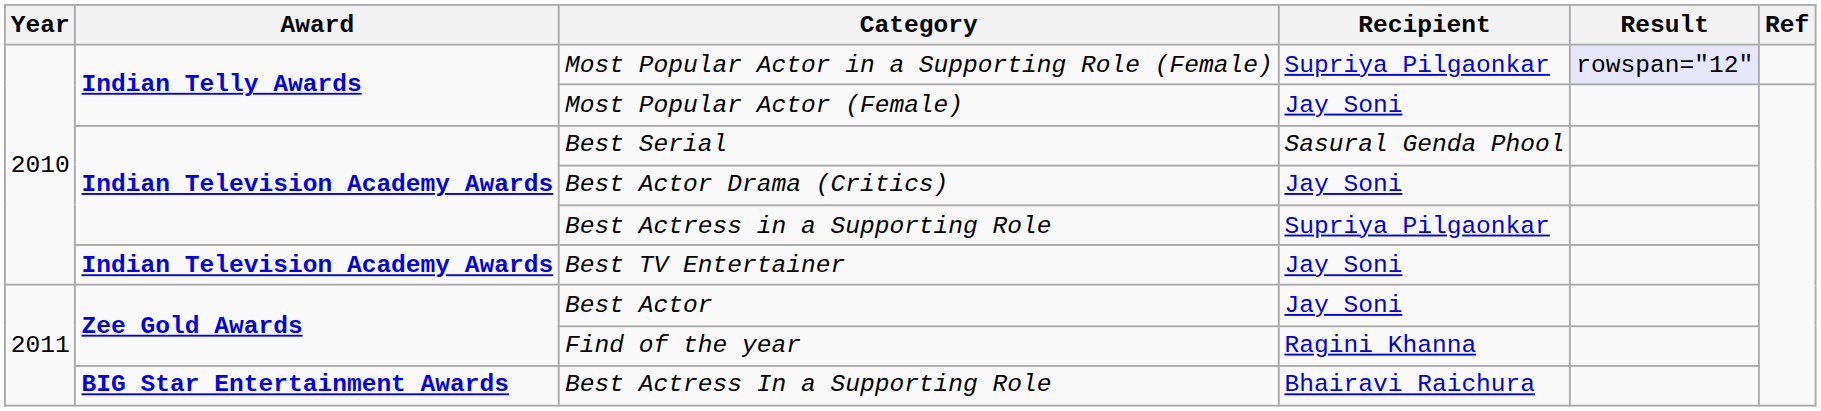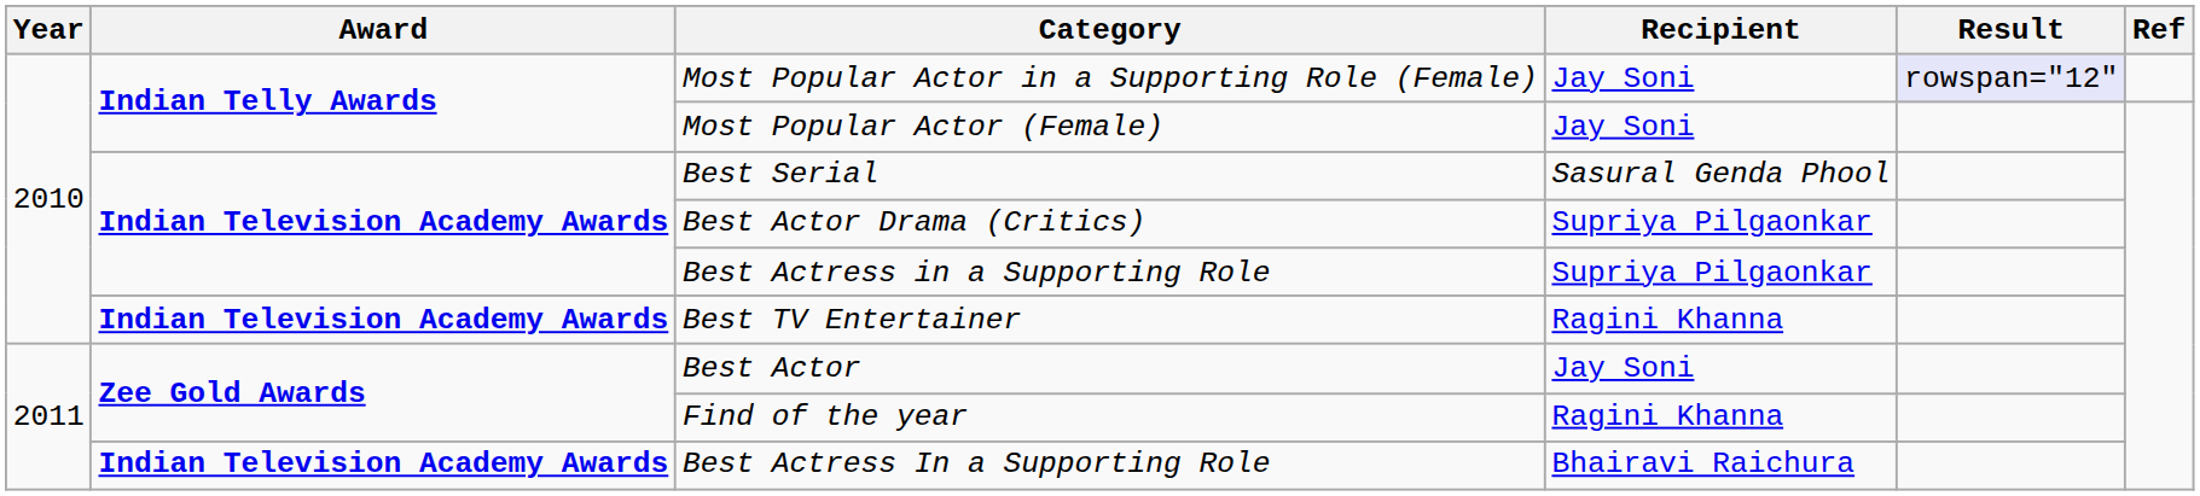 <table class="wikitable">
 <tr>
 <th>Year</th>
 <th>Award</th>
 <th>Category</th>
 <th>Recipient</th>
 <th>Result</th>
 <th>Ref</th>
 </tr>
 <tr>
 <td rowspan="6">2010</td>
 <td rowspan="2"><strong><a href='#'>Indian Telly Awards</a></strong></td>
 <td><em>Most Popular Actor in a Supporting Role (Female)</em></td>
-<td><a href='#'>Supriya Pilgaonkar</a></td>
+<td><a href='#'>Jay Soni</a></td>
 <td style="background: lavender;">rowspan="12" </td>
 <td></td>
 </tr>
 <tr>
 <td><em>Most Popular Actor (Female)</em></td>
 <td><a href='#'>Jay Soni</a></td>
 <td></td>
 </tr>
 <tr>
 <td rowspan="3"><strong><a href='#'>Indian Television Academy Awards</a></strong></td>
 <td><em>Best Serial</em></td>
 <td><em>Sasural Genda Phool</em></td>
 <td></td>
 </tr>
 <tr>
 <td><em>Best Actor Drama (Critics)</em></td>
-<td><a href='#'>Jay Soni</a></td>
+<td><a href='#'>Supriya Pilgaonkar</a></td>
 <td></td>
 </tr>
 <tr>
 <td><em>Best Actress in a Supporting Role</em></td>
 <td><a href='#'>Supriya Pilgaonkar</a></td>
 <td></td>
 </tr>
 <tr>
 <td rowspan="1"><strong><a href='#'>Indian Television Academy Awards</a></strong></td>
 <td><em>Best TV Entertainer</em></td>
-<td><a href='#'>Jay Soni</a></td>
+<td><a href='#'>Ragini Khanna</a></td>
 <td></td>
 </tr>
 <tr>
 <td rowspan="3">2011</td>
 <td rowspan="2"><strong><a href='#'>Zee Gold Awards</a></strong></td>
 <td><em>Best Actor</em></td>
 <td><a href='#'>Jay Soni</a></td>
 <td></td>
 </tr>
 <tr>
 <td><em>Find of the year</em></td>
 <td><a href='#'>Ragini Khanna</a></td>
 <td></td>
 </tr>
 <tr>
-<td><strong><a href='#'>BIG Star Entertainment Awards</a></strong></td>
+<td rowspan="1"><strong><a href='#'>Indian Television Academy Awards</a></strong></td>
 <td><em>Best Actress In a Supporting Role</em></td>
 <td><a href='#'>Bhairavi Raichura</a></td>
 <td></td>
 </tr>
 </table>
